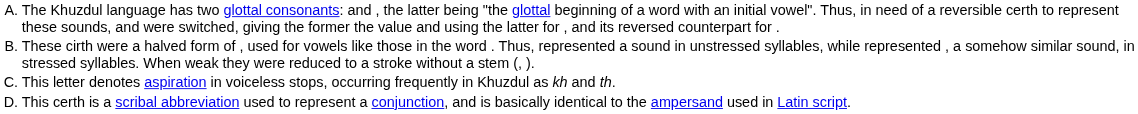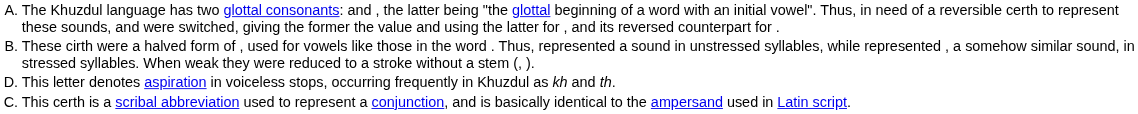 <table>
 <tr style="vertical-align: top;">
 <td align="right">A.</td>
 <td>The Khuzdul language has two <a href='#'>glottal consonants</a>:  and , the latter being "the <a href='#'>glottal</a> beginning of a word with an initial vowel". Thus, in need of a reversible certh to represent these sounds,  and  were switched, giving the former the value  and using the latter for , and its reversed counterpart  for .</td>
 </tr>
 <tr style="vertical-align: top;">
 <td align="right">B.</td>
 <td>These cirth were a halved form of , used for vowels like those in the word  . Thus,  represented a  sound in unstressed syllables, while  represented , a somehow similar sound, in stressed syllables. When weak they were reduced to a stroke without a stem (, ).</td>
 </tr>
 <tr style="vertical-align: top;">
-<td align="right">C.</td>
+<td align="right">D.</td>
 <td>This letter denotes <a href='#'>aspiration</a> in voiceless stops, occurring frequently in Khuzdul as <em>kh</em> and <em>th</em>.</td>
 </tr>
 <tr style="vertical-align: top;">
-<td align="right">D.</td>
+<td align="right">C.</td>
 <td>This certh is a <a href='#'>scribal abbreviation</a> used to represent a <a href='#'>conjunction</a>, and is basically identical to the <a href='#'>ampersand</a>  used in <a href='#'>Latin script</a>.</td>
 </tr>
 </table>
